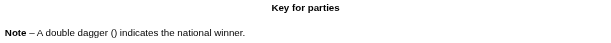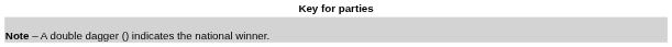 <table class="toccolours" style="width:62em">
 <tr>
 <th>Key for parties</th>
 </tr>
 <tr>
-<td><br>                     <strong>Note</strong> – A double dagger () indicates the national winner.</td>
+<td style="background: lightgrey;"><br>                     <strong>Note</strong> – A double dagger () indicates the national winner.</td>
 </tr>
 </table>
